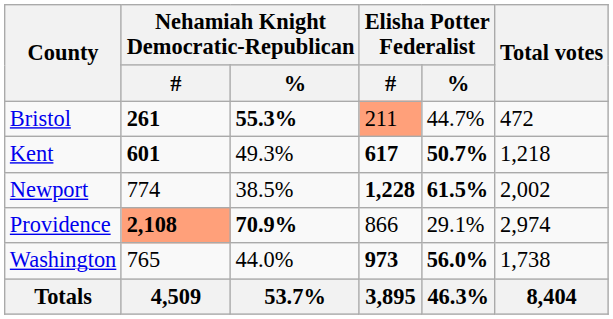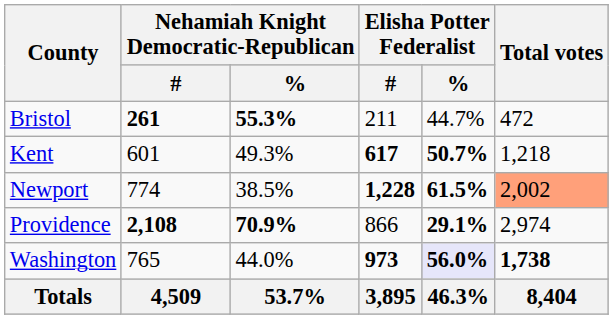 <table class="wikitable sortable">
 <tr>
 <th rowspan="2" scope="col">County</th>
 <th colspan="2" scope="col">Nehamiah Knight<br>Democratic-Republican</th>
 <th colspan="2" scope="col">Elisha Potter<br>Federalist</th>
 <th rowspan="2" scope="col">Total votes</th>
 </tr>
 <tr>
 <th>#</th>
 <th>%</th>
 <th>#</th>
 <th>%</th>
 </tr>
 <tr>
 <td><a href='#'>Bristol</a></td>
 <td><strong>261</strong></td>
 <td><strong>55.3%</strong></td>
-<td style="background: lightsalmon;">211</td>
+<td>211</td>
 <td>44.7%</td>
 <td>472</td>
 </tr>
 <tr>
 <td><a href='#'>Kent</a></td>
-<td><strong>601</strong></td>
+<td>601</td>
 <td>49.3%</td>
 <td><strong>617</strong></td>
 <td><strong>50.7%</strong></td>
 <td>1,218</td>
 </tr>
 <tr>
 <td><a href='#'>Newport</a></td>
 <td>774</td>
 <td>38.5%</td>
 <td><strong>1,228</strong></td>
 <td><strong>61.5%</strong></td>
-<td>2,002</td>
+<td style="background: lightsalmon;">2,002</td>
 </tr>
 <tr>
 <td><a href='#'>Providence</a></td>
-<td style="background: lightsalmon;"><strong>2,108</strong></td>
+<td><strong>2,108</strong></td>
 <td><strong>70.9%</strong></td>
 <td>866</td>
-<td>29.1%</td>
+<td><strong>29.1%</strong></td>
 <td>2,974</td>
 </tr>
 <tr>
 <td><a href='#'>Washington</a></td>
 <td>765</td>
 <td>44.0%</td>
 <td><strong>973</strong></td>
-<td><strong>56.0%</strong></td>
-<td>1,738</td>
+<td style="background: lavender;"><strong>56.0%</strong></td>
+<td><strong>1,738</strong></td>
 </tr>
 <tr>
 <th>Totals</th>
 <th>4,509</th>
 <th>53.7%</th>
 <th>3,895</th>
 <th>46.3%</th>
 <th>8,404</th>
 </tr>
 </table>
